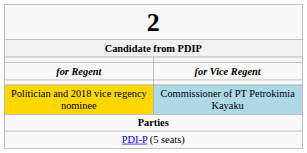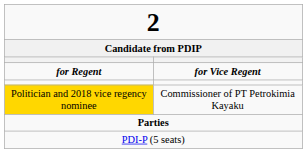 <table class="wikitable" style="font-size:90%; text-align:center;">
 <tr>
 <td colspan=2><big><big><big><big><big><strong>2</strong></big></big></big></big></big></td>
 </tr>
 <tr>
 <td colspan=2 style="background:#f1f1f1;"><strong>Candidate from PDIP</strong></td>
 </tr>
 <tr>
 <th style="width:3em; font-size:135%; background:#"></th>
 <th style="width:3em; font-size:135%; background:#"></th>
 </tr>
 <tr style="color:#000; font-size:100%; background:#">
 <td style="width:3em; width:200px;"><strong><em>for Regent</em></strong></td>
 <td style="width:3em; width:200px;"><strong><em>for Vice Regent</em></strong></td>
 </tr>
 <tr>
 <td></td>
 <td></td>
 </tr>
 <tr>
 <td style="background: gold;">Politician and 2018 vice regency nominee</td>
-<td style="background: lightblue;">Commissioner of PT Petrokimia Kayaku</td>
+<td>Commissioner of PT Petrokimia Kayaku</td>
 </tr>
 <tr>
 <td colspan=2><strong>Parties</strong></td>
 </tr>
 <tr>
 <td colspan=2> <a href='#'>PDI-P</a> (5 seats)</td>
 </tr>
 </table>
